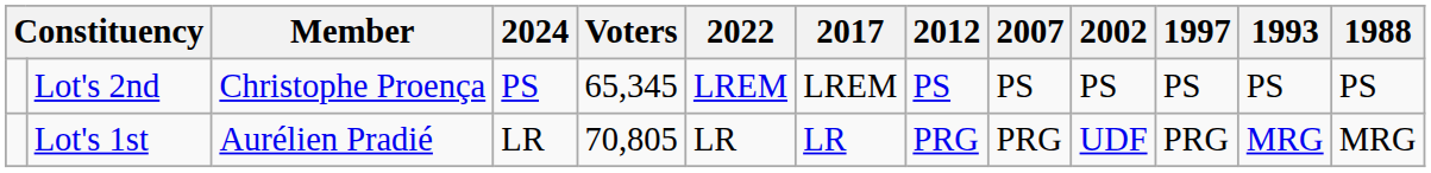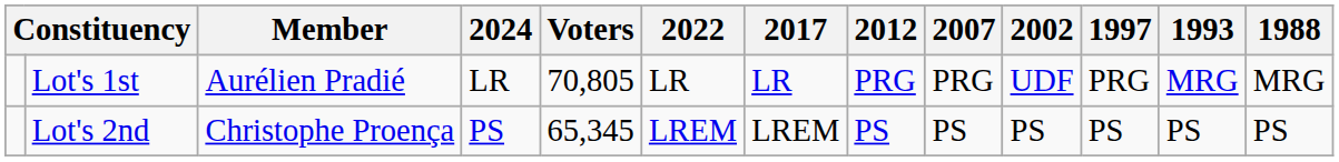 <table class="wikitable sortable">
 <tr>
 <th colspan="2">Constituency</th>
 <th>Member</th>
 <th>2024</th>
 <th>Voters</th>
 <th>2022</th>
 <th>2017</th>
 <th>2012</th>
 <th>2007</th>
 <th>2002</th>
 <th>1997</th>
 <th>1993</th>
 <th>1988</th>
 </tr>
 <tr>
 <td style="background-color: "></td>
+<td><a href='#'>Lot's 1st</a></td>
+<td><a href='#'>Aurélien Pradié</a></td>
+<td>LR</td>
+<td>70,805</td>
+<td>LR</td>
+<td><a href='#'>LR</a></td>
+<td><a href='#'>PRG</a></td>
+<td>PRG</td>
+<td><a href='#'>UDF</a></td>
+<td>PRG</td>
+<td><a href='#'>MRG</a></td>
+<td>MRG</td>
+</tr>
+<tr>
+<td style="background-color: "></td>
 <td><a href='#'>Lot's 2nd</a></td>
 <td><a href='#'>Christophe Proença</a></td>
 <td><a href='#'>PS</a></td>
 <td>65,345</td>
 <td><a href='#'>LREM</a></td>
 <td>LREM</td>
 <td><a href='#'>PS</a></td>
 <td>PS</td>
 <td>PS</td>
 <td>PS</td>
 <td>PS</td>
 <td>PS</td>
 </tr>
-<tr>
-<td style="background-color: "></td>
-<td><a href='#'>Lot's 1st</a></td>
-<td><a href='#'>Aurélien Pradié</a></td>
-<td>LR</td>
-<td>70,805</td>
-<td>LR</td>
-<td><a href='#'>LR</a></td>
-<td><a href='#'>PRG</a></td>
-<td>PRG</td>
-<td><a href='#'>UDF</a></td>
-<td>PRG</td>
-<td><a href='#'>MRG</a></td>
-<td>MRG</td>
-</tr>
 </table>
